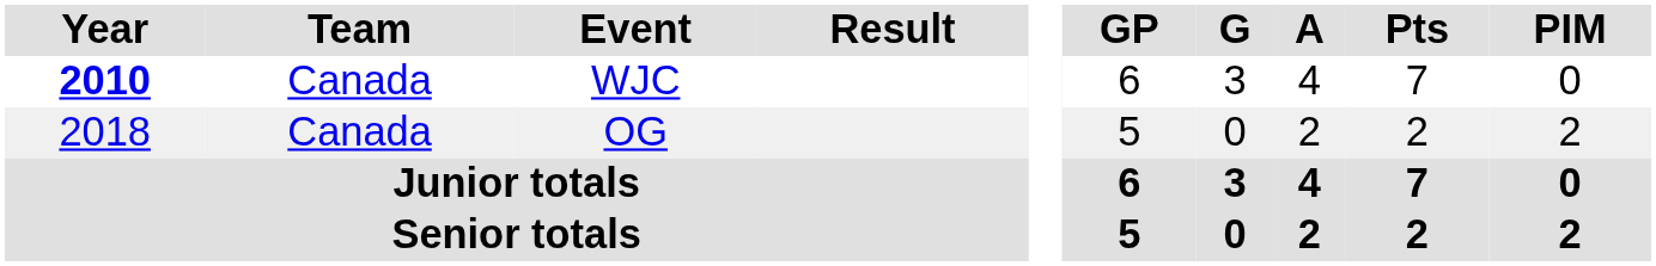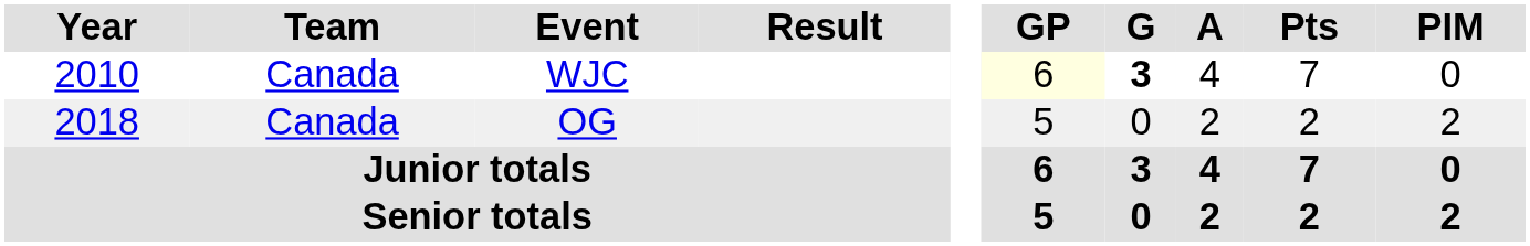 <table border="0" cellpadding="1" cellspacing="0" style="text-align:center; width:40em">
 <tr ALIGN="center" bgcolor="#e0e0e0">
 <th>Year</th>
 <th>Team</th>
 <th>Event</th>
 <th>Result</th>
 <th rowspan="99" bgcolor="#ffffff"> </th>
 <th>GP</th>
 <th>G</th>
 <th>A</th>
 <th>Pts</th>
 <th>PIM</th>
 </tr>
 <tr>
-<td><strong><a href='#'>2010</a></strong></td>
+<td><a href='#'>2010</a></td>
 <td><a href='#'>Canada</a></td>
 <td><a href='#'>WJC</a></td>
 <td></td>
-<td>6</td>
-<td>3</td>
+<td style="background: lightyellow;">6</td>
+<td><strong>3</strong></td>
 <td>4</td>
 <td>7</td>
 <td>0</td>
 </tr>
 <tr style="background:#f0f0f0;">
 <td><a href='#'>2018</a></td>
 <td><a href='#'>Canada</a></td>
 <td><a href='#'>OG</a></td>
 <td></td>
 <td>5</td>
 <td>0</td>
 <td>2</td>
 <td>2</td>
 <td>2</td>
 </tr>
 <tr bgcolor="#e0e0e0">
 <th colspan=4>Junior totals</th>
 <th>6</th>
 <th>3</th>
 <th>4</th>
 <th>7</th>
 <th>0</th>
 </tr>
 <tr bgcolor="#e0e0e0">
 <th colspan="4">Senior totals</th>
 <th>5</th>
 <th>0</th>
 <th>2</th>
 <th>2</th>
 <th>2</th>
 </tr>
 </table>
